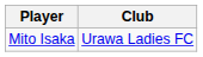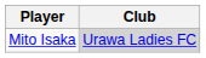 <table class="wikitable">
 <tr>
 <th>Player</th>
 <th>Club</th>
 </tr>
 <tr>
 <td> <a href='#'>Mito Isaka</a></td>
-<td><a href='#'>Urawa Ladies FC</a></td>
+<td style="background: lightgrey;"><a href='#'>Urawa Ladies FC</a></td>
 </tr>
 </table>
